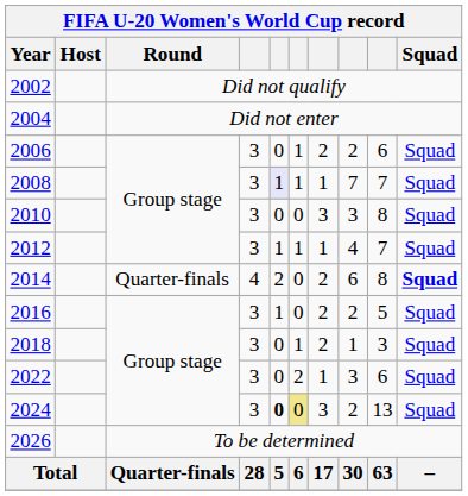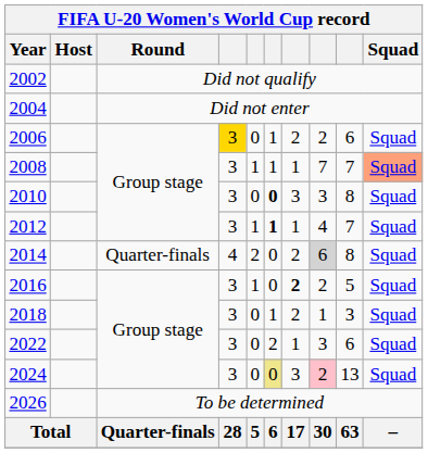 <table class="wikitable" style="text-align: center;">
 <tr>
 <th colspan=10><a href='#'>FIFA U-20 Women's World Cup</a> record</th>
 </tr>
 <tr>
 <th>Year</th>
 <th>Host</th>
 <th>Round</th>
 <th></th>
 <th></th>
 <th></th>
 <th></th>
 <th></th>
 <th></th>
 <th>Squad</th>
 </tr>
 <tr>
 <td><a href='#'>2002</a></td>
 <td align=left></td>
 <td colspan=8><em>Did not qualify</em></td>
 </tr>
 <tr>
 <td><a href='#'>2004</a></td>
 <td align=left></td>
 <td colspan=8><em>Did not enter</em></td>
 </tr>
 <tr>
 <td><a href='#'>2006</a></td>
 <td align=left></td>
 <td rowspan=4>Group stage</td>
-<td>3</td>
+<td style="background: gold;">3</td>
 <td>0</td>
 <td>1</td>
 <td>2</td>
 <td>2</td>
 <td>6</td>
 <td><a href='#'>Squad</a></td>
 </tr>
 <tr>
 <td><a href='#'>2008</a></td>
 <td align=left></td>
 <td>3</td>
-<td style="background: lavender;">1</td>
+<td>1</td>
 <td>1</td>
 <td>1</td>
 <td>7</td>
 <td>7</td>
-<td><a href='#'>Squad</a></td>
+<td style="background: lightsalmon;"><a href='#'>Squad</a></td>
 </tr>
 <tr>
 <td><a href='#'>2010</a></td>
 <td align=left></td>
 <td>3</td>
 <td>0</td>
-<td>0</td>
+<td><strong>0</strong></td>
 <td>3</td>
 <td>3</td>
 <td>8</td>
 <td><a href='#'>Squad</a></td>
 </tr>
 <tr>
 <td><a href='#'>2012</a></td>
 <td align=left></td>
 <td>3</td>
 <td>1</td>
-<td>1</td>
+<td><strong>1</strong></td>
 <td>1</td>
 <td>4</td>
 <td>7</td>
 <td><a href='#'>Squad</a></td>
 </tr>
 <tr>
 <td><a href='#'>2014</a></td>
 <td align=left></td>
 <td>Quarter-finals</td>
 <td>4</td>
 <td>2</td>
 <td>0</td>
 <td>2</td>
-<td>6</td>
+<td style="background: lightgrey;">6</td>
 <td>8</td>
-<td><strong><a href='#'>Squad</a></strong></td>
+<td><a href='#'>Squad</a></td>
 </tr>
 <tr>
 <td><a href='#'>2016</a></td>
 <td align=left></td>
 <td rowspan="4">Group stage</td>
 <td>3</td>
 <td>1</td>
 <td>0</td>
-<td>2</td>
+<td><strong>2</strong></td>
 <td>2</td>
 <td>5</td>
 <td><a href='#'>Squad</a></td>
 </tr>
 <tr>
 <td><a href='#'>2018</a></td>
 <td align=left></td>
 <td>3</td>
 <td>0</td>
 <td>1</td>
 <td>2</td>
 <td>1</td>
 <td>3</td>
 <td><a href='#'>Squad</a></td>
 </tr>
 <tr>
 <td><a href='#'>2022</a></td>
 <td align=left></td>
 <td>3</td>
 <td>0</td>
 <td>2</td>
 <td>1</td>
 <td>3</td>
 <td>6</td>
 <td><a href='#'>Squad</a></td>
 </tr>
 <tr>
 <td><a href='#'>2024</a></td>
 <td align=left></td>
 <td>3</td>
-<td><strong>0</strong></td>
+<td>0</td>
 <td style="background: khaki;">0</td>
 <td>3</td>
-<td>2</td>
+<td style="background: pink;">2</td>
 <td>13</td>
 <td><a href='#'>Squad</a></td>
 </tr>
 <tr>
 <td><a href='#'>2026</a></td>
 <td align=left></td>
 <td colspan=8><em>To be determined</em></td>
 </tr>
 <tr>
 <th colspan="2">Total</th>
 <th>Quarter-finals</th>
 <th>28</th>
 <th>5</th>
 <th>6</th>
 <th>17</th>
 <th>30</th>
 <th>63</th>
 <th>–</th>
 </tr>
 <tr>
 </tr>
 </table>
